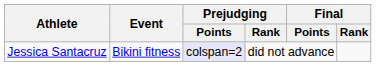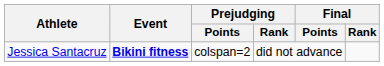 <table class=wikitable style="font-size:90%">
 <tr>
 <th rowspan="2">Athlete</th>
 <th rowspan="2">Event</th>
 <th colspan="2">Prejudging</th>
 <th colspan="2">Final</th>
 </tr>
 <tr style="font-size:95%">
 <th>Points</th>
 <th>Rank</th>
 <th>Points</th>
 <th>Rank</th>
 </tr>
 <tr align=center>
 <td align=left><a href='#'>Jessica Santacruz</a></td>
-<td align=left><a href='#'>Bikini fitness</a></td>
-<td style="background: lavender;">colspan=2 </td>
+<td align=left><strong><a href='#'>Bikini fitness</a></strong></td>
+<td>colspan=2 </td>
 <td colspan=2>did not advance</td>
 </tr>
 </table>
